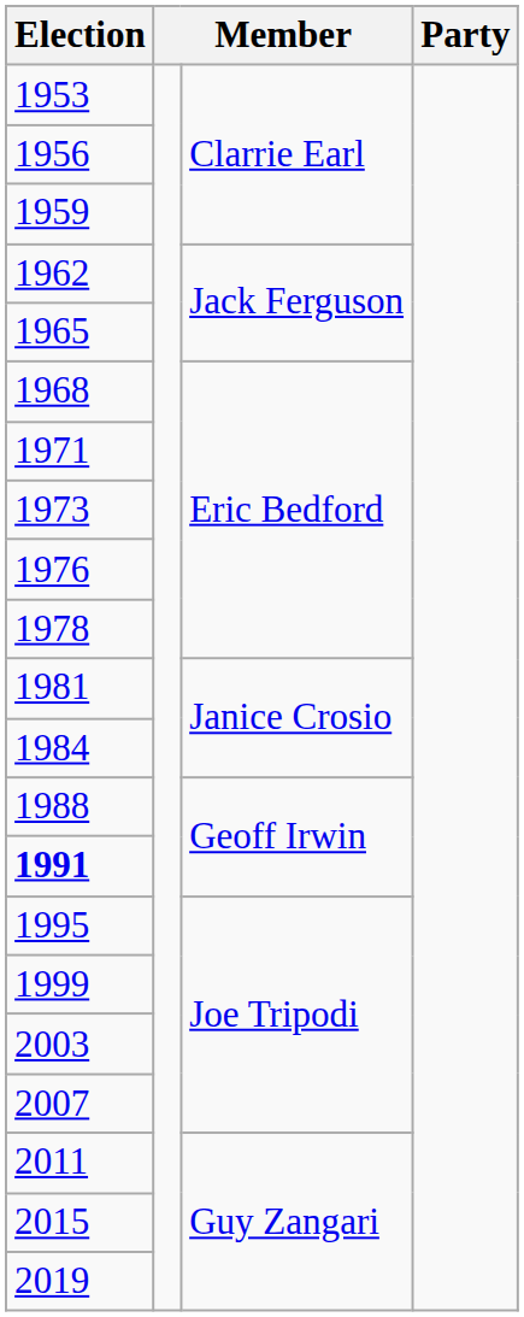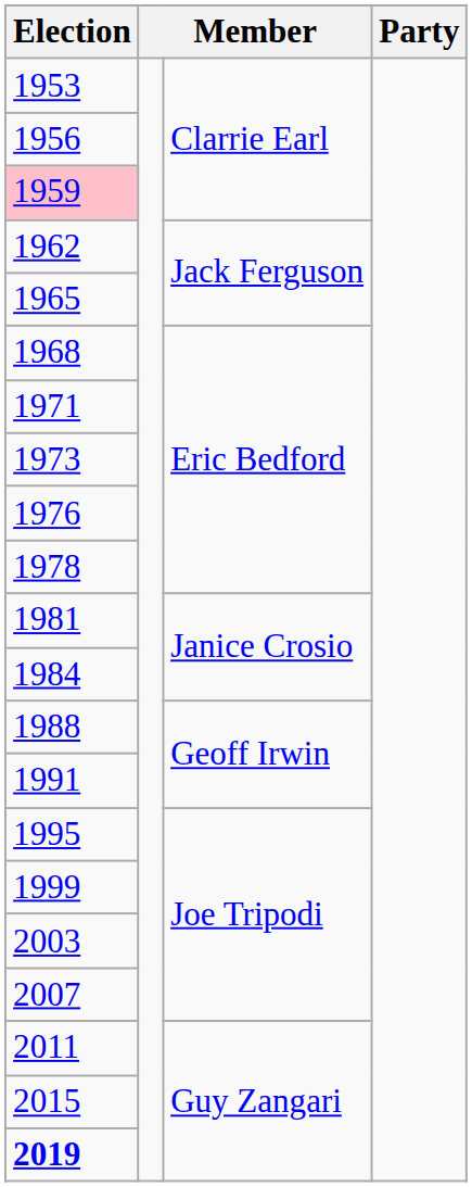 <table class="wikitable">
 <tr>
 <th>Election</th>
 <th colspan="2">Member</th>
 <th>Party</th>
 </tr>
 <tr>
 <td><a href='#'>1953</a></td>
 <td rowspan="21" > </td>
 <td rowspan="3"><a href='#'>Clarrie Earl</a></td>
 <td rowspan="21"></td>
 </tr>
 <tr>
 <td><a href='#'>1956</a></td>
 </tr>
 <tr>
-<td><a href='#'>1959</a></td>
+<td style="background: pink;"><a href='#'>1959</a></td>
 </tr>
 <tr>
 <td><a href='#'>1962</a></td>
 <td rowspan="2"><a href='#'>Jack Ferguson</a></td>
 </tr>
 <tr>
 <td><a href='#'>1965</a></td>
 </tr>
 <tr>
 <td><a href='#'>1968</a></td>
 <td rowspan="5"><a href='#'>Eric Bedford</a></td>
 </tr>
 <tr>
 <td><a href='#'>1971</a></td>
 </tr>
 <tr>
 <td><a href='#'>1973</a></td>
 </tr>
 <tr>
 <td><a href='#'>1976</a></td>
 </tr>
 <tr>
 <td><a href='#'>1978</a></td>
 </tr>
 <tr>
 <td><a href='#'>1981</a></td>
 <td rowspan="2"><a href='#'>Janice Crosio</a></td>
 </tr>
 <tr>
 <td><a href='#'>1984</a></td>
 </tr>
 <tr>
 <td><a href='#'>1988</a></td>
 <td rowspan="2"><a href='#'>Geoff Irwin</a></td>
 </tr>
 <tr>
-<td><strong><a href='#'>1991</a></strong></td>
+<td><a href='#'>1991</a></td>
 </tr>
 <tr>
 <td><a href='#'>1995</a></td>
 <td rowspan="4"><a href='#'>Joe Tripodi</a></td>
 </tr>
 <tr>
 <td><a href='#'>1999</a></td>
 </tr>
 <tr>
 <td><a href='#'>2003</a></td>
 </tr>
 <tr>
 <td><a href='#'>2007</a></td>
 </tr>
 <tr>
 <td><a href='#'>2011</a></td>
 <td rowspan="3"><a href='#'>Guy Zangari</a></td>
 </tr>
 <tr>
 <td><a href='#'>2015</a></td>
 </tr>
 <tr>
-<td><a href='#'>2019</a></td>
+<td><strong><a href='#'>2019</a></strong></td>
 </tr>
 </table>
